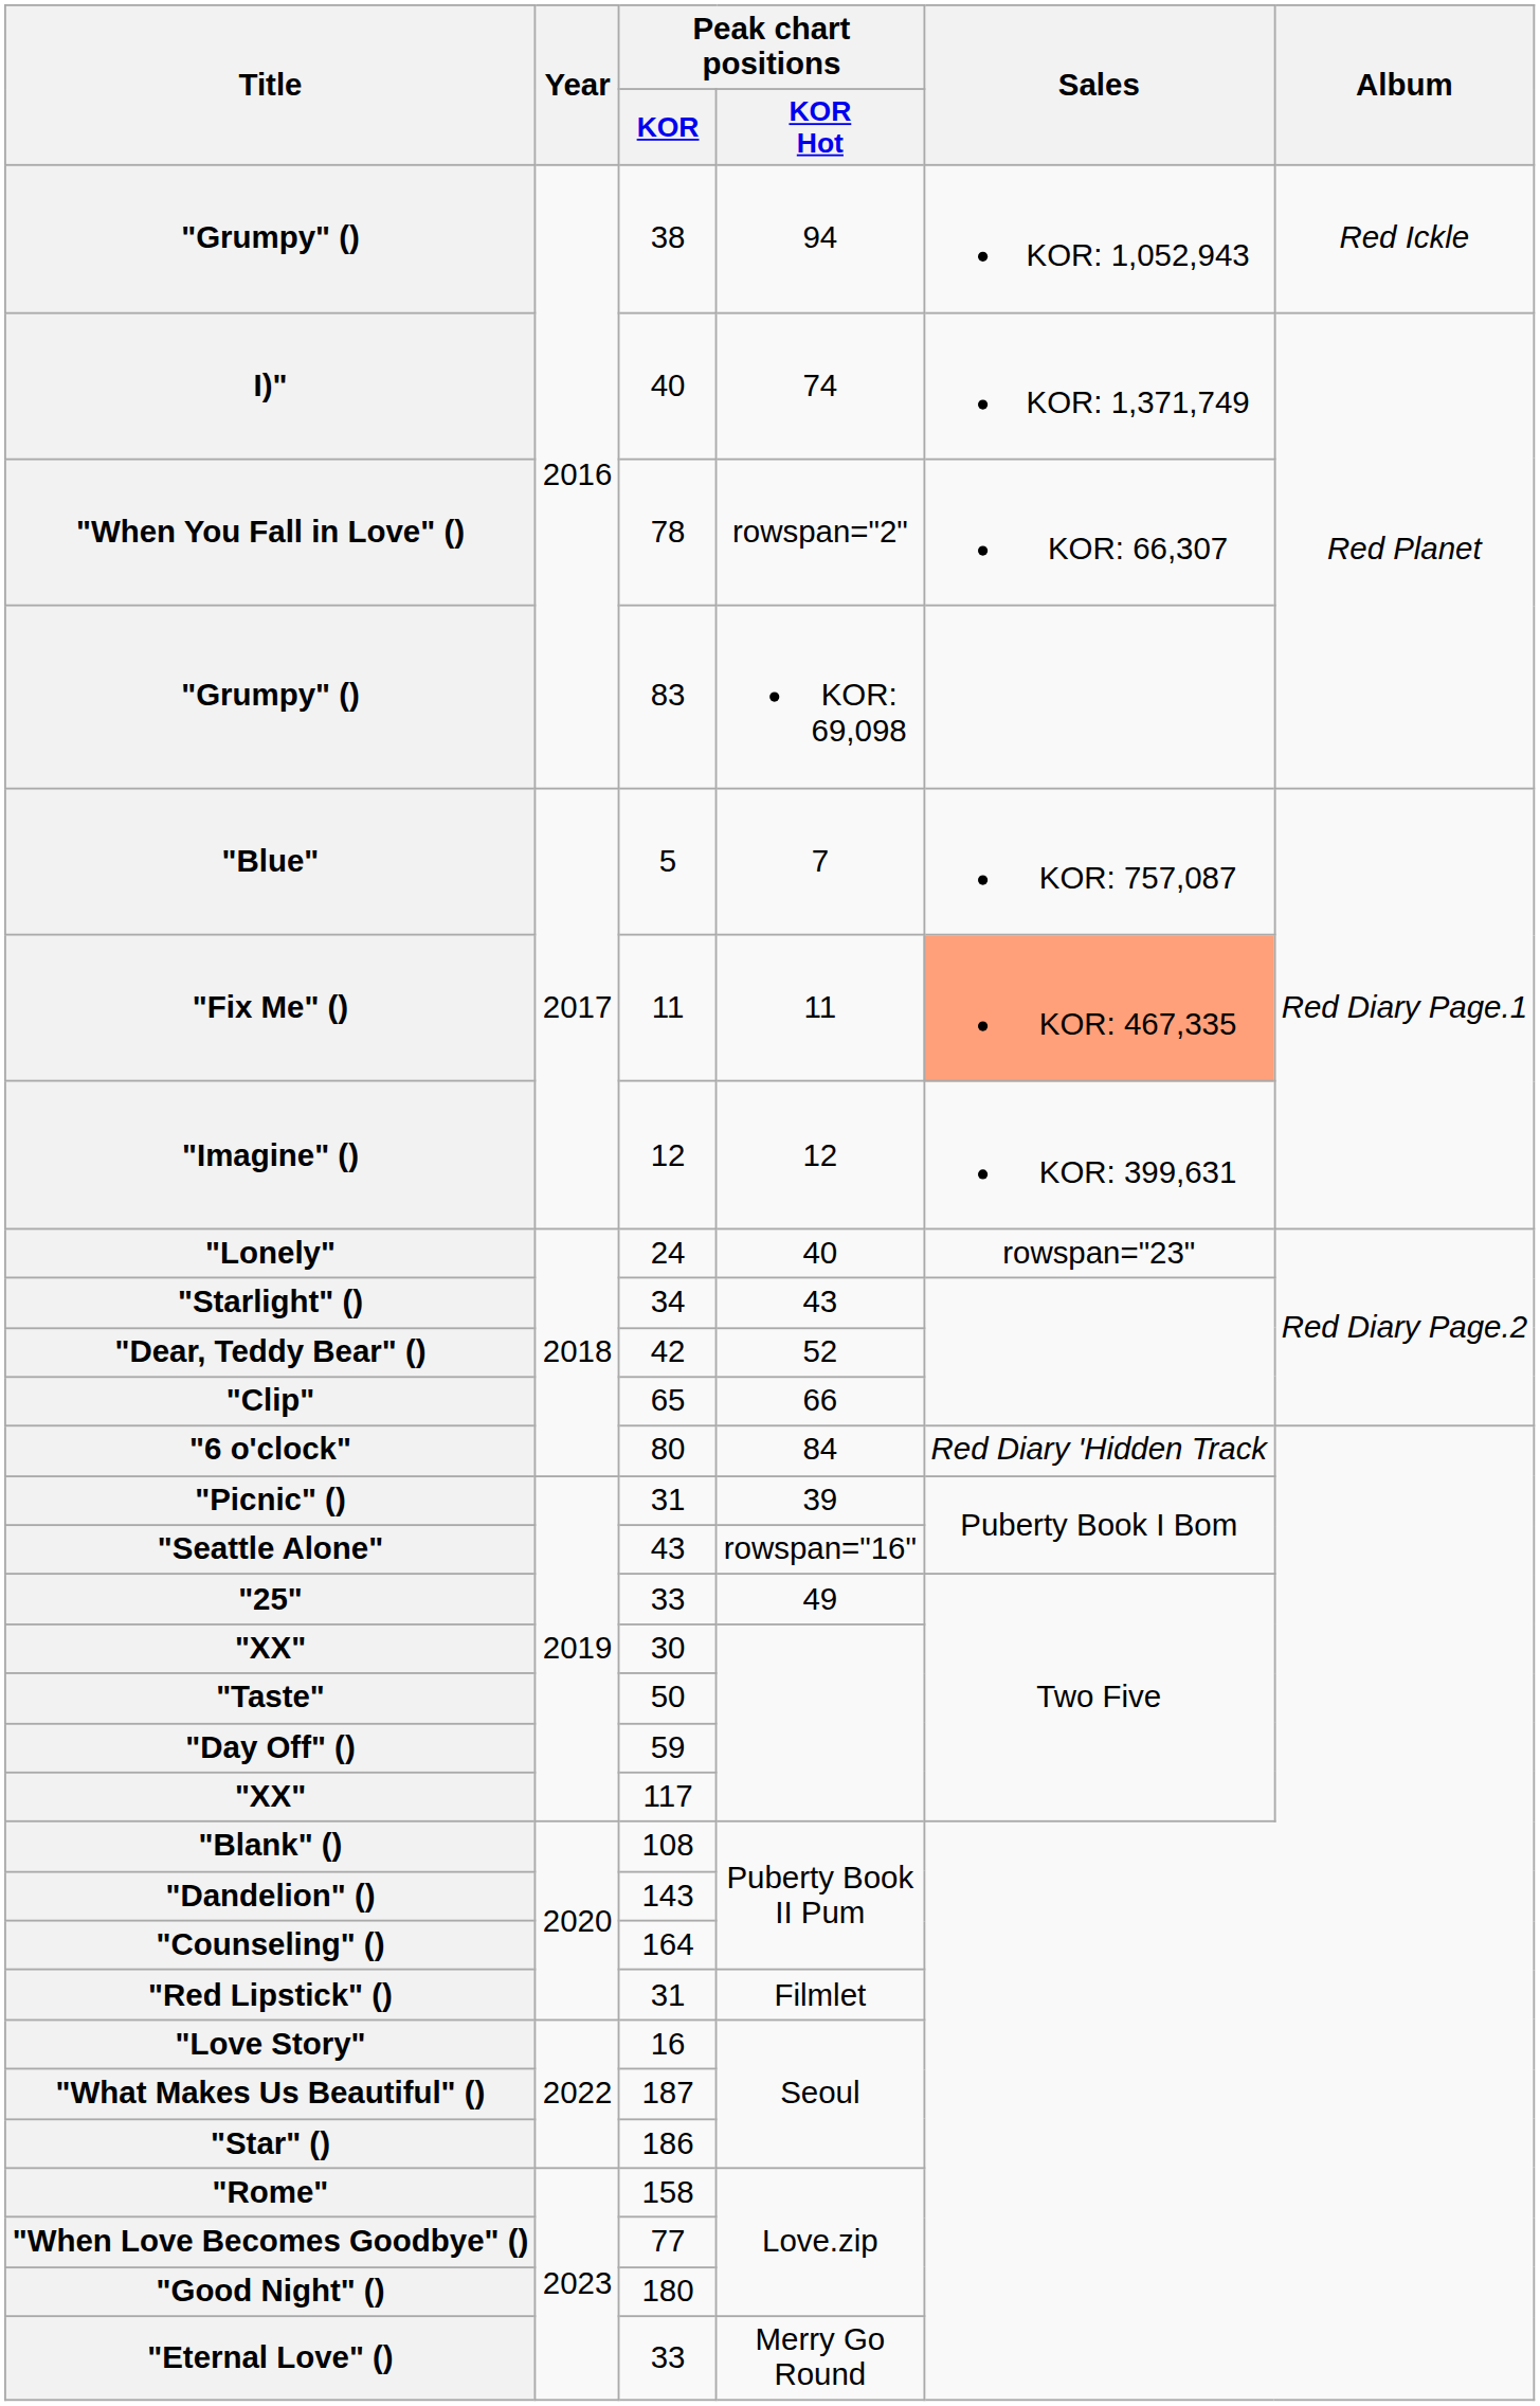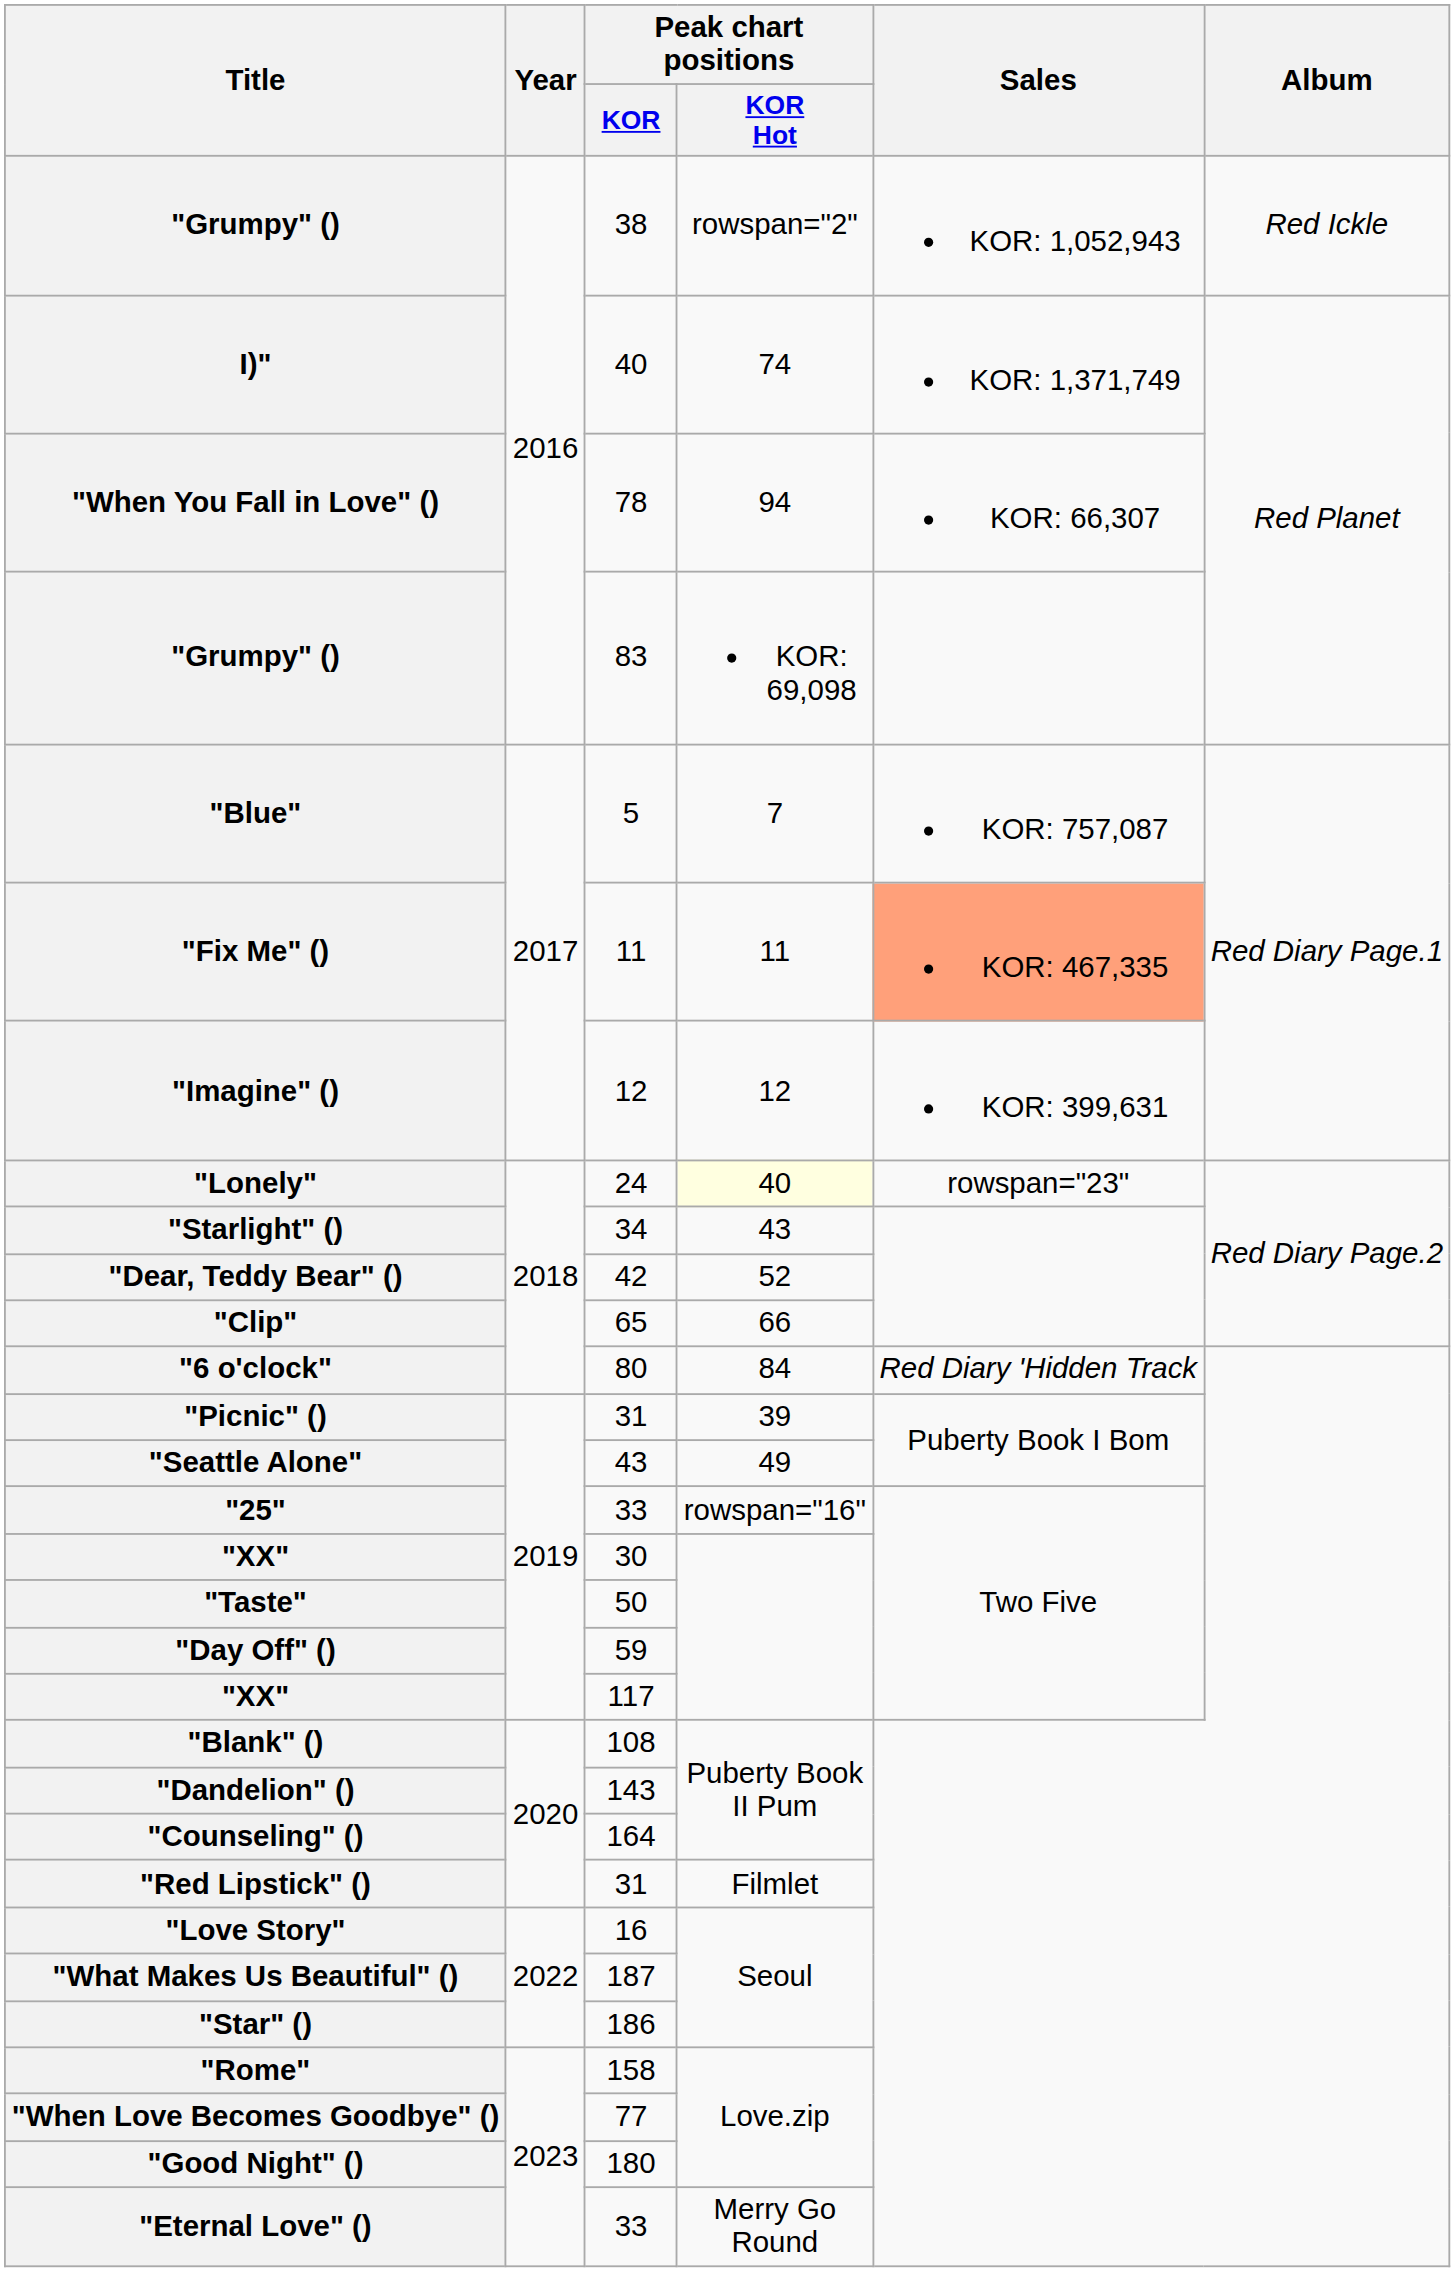 <table class="wikitable plainrowheaders" style="text-align:center;">
 <tr>
 <th scope="col" rowspan="2">Title</th>
 <th scope="col" rowspan="2">Year</th>
 <th scope="col" colspan="2">Peak chart positions</th>
 <th scope="col" rowspan="2">Sales</th>
 <th scope="col" rowspan="2">Album</th>
 </tr>
 <tr>
 <th scope="col" style="width:3em;font-size:90%;"><a href='#'>KOR</a><br></th>
 <th scope="col" style="width:3em;font-size:90%;"><a href='#'>KOR<br>Hot</a><br></th>
 </tr>
 <tr>
 <th scope="row">"Grumpy" () </th>
 <td rowspan="4">2016</td>
 <td>38</td>
-<td>94</td>
+<td>rowspan="2" </td>
 <td><br><ul><li>KOR: 1,052,943</li></ul></td>
 <td><em>Red Ickle</em></td>
 </tr>
 <tr>
 <th scope="row">I)"</th>
 <td>40</td>
 <td>74</td>
 <td><br><ul><li>KOR: 1,371,749</li></ul></td>
 <td rowspan="3"><em>Red Planet</em></td>
 </tr>
 <tr>
 <th scope="row">"When You Fall in Love" ()</th>
 <td>78</td>
-<td>rowspan="2" </td>
+<td>94</td>
 <td><br><ul><li>KOR: 66,307</li></ul></td>
 </tr>
 <tr>
 <th scope="row">"Grumpy" () </th>
 <td>83</td>
 <td><br><ul><li>KOR: 69,098</li></ul></td>
 </tr>
 <tr>
 <th scope="row">"Blue"</th>
 <td rowspan="3">2017</td>
 <td>5</td>
 <td>7</td>
 <td><br><ul><li>KOR: 757,087</li></ul></td>
 <td rowspan="3"><em>Red Diary Page.1</em></td>
 </tr>
 <tr>
 <th scope="row">"Fix Me" ()</th>
 <td>11</td>
 <td>11</td>
 <td style="background: lightsalmon;"><br><ul><li>KOR: 467,335</li></ul></td>
 </tr>
 <tr>
 <th scope="row">"Imagine" ()</th>
 <td>12</td>
 <td>12</td>
 <td><br><ul><li>KOR: 399,631</li></ul></td>
 </tr>
 <tr>
 <th scope="row">"Lonely"</th>
 <td rowspan="5">2018</td>
 <td>24</td>
-<td>40</td>
+<td style="background: lightyellow;">40</td>
 <td>rowspan="23" </td>
 <td rowspan="4"><em>Red Diary Page.2</em></td>
 </tr>
 <tr>
 <th scope="row">"Starlight" ()</th>
 <td>34</td>
 <td>43</td>
 </tr>
 <tr>
 <th scope="row">"Dear, Teddy Bear" ()</th>
 <td>42</td>
 <td>52</td>
 </tr>
 <tr>
 <th scope="row">"Clip"</th>
 <td>65</td>
 <td>66</td>
 </tr>
 <tr>
 <th scope="row">"6 o'clock"</th>
 <td>80</td>
 <td>84</td>
 <td><em>Red Diary 'Hidden Track<strong></td>
 </tr>
 <tr>
 <th scope="row">"Picnic" ()</th>
 <td rowspan="7">2019</td>
 <td>31</td>
 <td>39</td>
 <td rowspan="2"></em>Puberty Book I Bom<em></td>
 </tr>
 <tr>
 <th scope="row">"Seattle Alone"</th>
 <td>43</td>
-<td>rowspan="16" </td>
+<td>49</td>
 </tr>
 <tr>
 <th scope="row">"25"</th>
 <td>33</td>
-<td>49</td>
+<td>rowspan="16" </td>
 <td rowspan="5"></em>Two Five<em></td>
 </tr>
 <tr>
 <th scope="row">"XX"</th>
 <td>30</td>
 </tr>
 <tr>
 <th scope="row">"Taste"</th>
 <td>50</td>
 </tr>
 <tr>
 <th scope="row">"Day Off" ()</th>
 <td>59</td>
 </tr>
 <tr>
 <th scope="row">"XX" </th>
 <td>117</td>
 </tr>
 <tr>
 <th scope="row">"Blank" ()</th>
 <td rowspan="4">2020</td>
 <td>108</td>
 <td rowspan="3"></em>Puberty Book II Pum<em></td>
 </tr>
 <tr>
 <th scope="row">"Dandelion" ()</th>
 <td>143</td>
 </tr>
 <tr>
 <th scope="row">"Counseling" ()</th>
 <td>164</td>
 </tr>
 <tr>
 <th scope="row">"Red Lipstick" ()</th>
 <td>31</td>
 <td></em>Filmlet<em></td>
 </tr>
 <tr>
 <th scope="row">"Love Story"</th>
 <td rowspan="3">2022</td>
 <td>16</td>
 <td rowspan="3"></em>Seoul<em></td>
 </tr>
 <tr>
 <th scope="row">"What Makes Us Beautiful" ()</th>
 <td>187</td>
 </tr>
 <tr>
 <th scope="row">"Star" ()</th>
 <td>186</td>
 </tr>
 <tr>
 <th scope="row">"Rome"</th>
 <td rowspan="4">2023</td>
 <td>158</td>
 <td rowspan="3"></em>Love.zip<em></td>
 </tr>
 <tr>
 <th scope="row">"When Love Becomes Goodbye" ()</th>
 <td>77</td>
 </tr>
 <tr>
 <th scope="row">"Good Night" ()</th>
 <td>180</td>
 </tr>
 <tr>
 <th scope="row">"Eternal Love" ()</th>
 <td>33</td>
 <td></em>Merry Go Round<em></td>
 </tr>
 </table>
